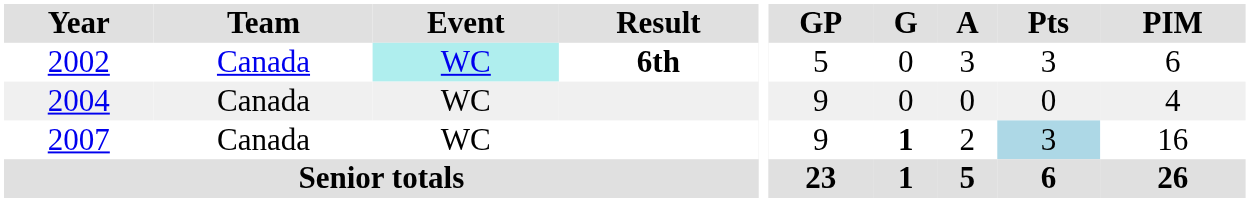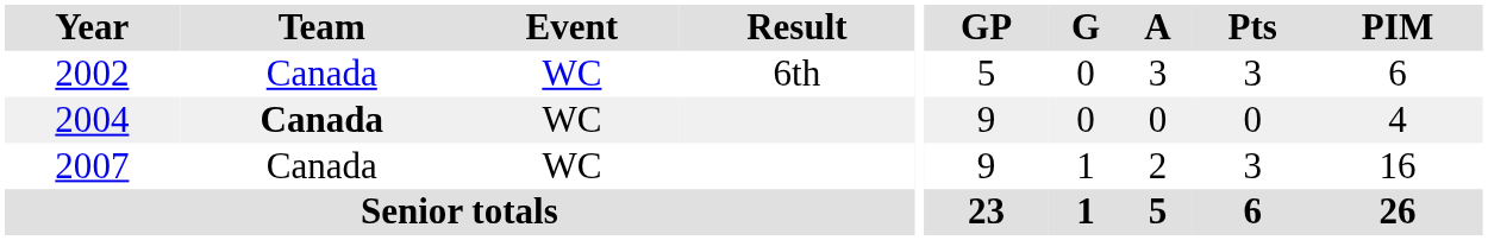 <table border="0" cellpadding="1" cellspacing="0" style="text-align:center; width:40em">
 <tr bgcolor="#e0e0e0">
 <th>Year</th>
 <th>Team</th>
 <th>Event</th>
 <th>Result</th>
 <th rowspan="99" bgcolor="#ffffff"></th>
 <th>GP</th>
 <th>G</th>
 <th>A</th>
 <th>Pts</th>
 <th>PIM</th>
 </tr>
 <tr>
 <td><a href='#'>2002</a></td>
 <td><a href='#'>Canada</a></td>
-<td style="background: paleturquoise;"><a href='#'>WC</a></td>
-<td><strong>6th</strong></td>
+<td><a href='#'>WC</a></td>
+<td>6th</td>
 <td>5</td>
 <td>0</td>
 <td>3</td>
 <td>3</td>
 <td>6</td>
 </tr>
 <tr bgcolor="#f0f0f0">
 <td><a href='#'>2004</a></td>
-<td>Canada</td>
+<td><strong>Canada</strong></td>
 <td>WC</td>
 <td></td>
 <td>9</td>
 <td>0</td>
 <td>0</td>
 <td>0</td>
 <td>4</td>
 </tr>
 <tr>
 <td><a href='#'>2007</a></td>
 <td>Canada</td>
 <td>WC</td>
 <td></td>
 <td>9</td>
-<td><strong>1</strong></td>
+<td>1</td>
 <td>2</td>
-<td style="background: lightblue;">3</td>
+<td>3</td>
 <td>16</td>
 </tr>
 <tr bgcolor="#e0e0e0">
 <th colspan="4">Senior totals</th>
 <th>23</th>
 <th>1</th>
 <th>5</th>
 <th>6</th>
 <th>26</th>
 </tr>
 </table>
